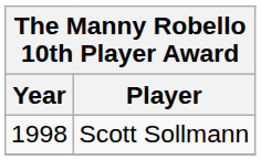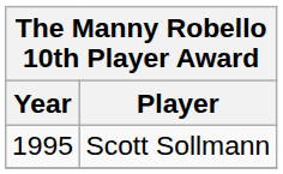 <table class="wikitable" style="display: inline-table; margin-right: 20px; text-align:center">
 <tr>
 <th scope="col" colspan="2" style="width: 145px;">The Manny Robello 10th Player Award</th>
 </tr>
 <tr>
 <th scope="col">Year</th>
 <th scope="col">Player</th>
 </tr>
 <tr>
-<td>1998</td>
+<td>1995</td>
 <td>Scott Sollmann</td>
 </tr>
 <tr>
 </tr>
 </table>
